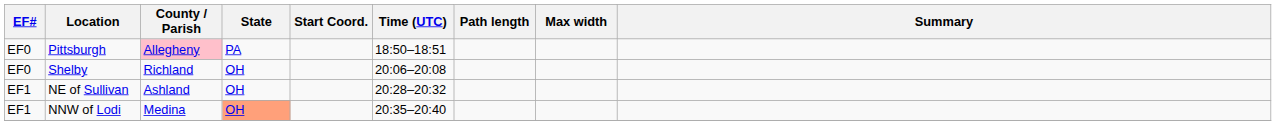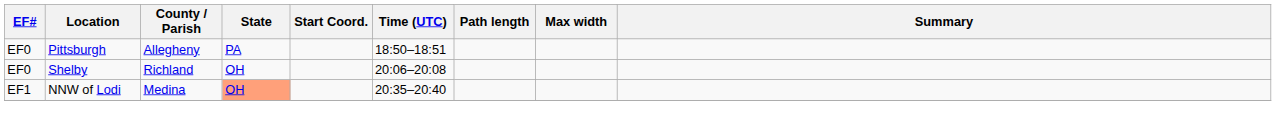 <table class="wikitable sortable" style="width:100%;">
 <tr>
 <th scope="col"  style="width:3%; text-align:center;"><a href='#'>EF#</a></th>
 <th scope="col"  style="width:7%; text-align:center;" class="unsortable">Location</th>
 <th scope="col"  style="width:6%; text-align:center;" class="unsortable">County / Parish</th>
 <th scope="col"  style="width:5%; text-align:center;">State</th>
 <th scope="col"  style="width:6%; text-align:center;">Start Coord.</th>
 <th scope="col"  style="width:6%; text-align:center;">Time (<a href='#'>UTC</a>)</th>
 <th scope="col"  style="width:6%; text-align:center;">Path length</th>
 <th scope="col"  style="width:6%; text-align:center;">Max width</th>
 <th scope="col" class="unsortable" style="width:48%; text-align:center;">Summary</th>
 </tr>
 <tr>
 <td>EF0</td>
 <td><a href='#'>Pittsburgh</a></td>
-<td style="background: pink;"><a href='#'>Allegheny</a></td>
+<td><a href='#'>Allegheny</a></td>
 <td><a href='#'>PA</a></td>
 <td></td>
 <td>18:50–18:51</td>
 <td></td>
 <td></td>
 <td></td>
 </tr>
 <tr>
 <td>EF0</td>
 <td><a href='#'>Shelby</a></td>
 <td><a href='#'>Richland</a></td>
 <td><a href='#'>OH</a></td>
 <td></td>
 <td>20:06–20:08</td>
 <td></td>
 <td></td>
 <td></td>
 </tr>
 <tr>
 <td>EF1</td>
-<td>NE of <a href='#'>Sullivan</a></td>
-<td><a href='#'>Ashland</a></td>
-<td><a href='#'>OH</a></td>
-<td></td>
-<td>20:28–20:32</td>
-<td></td>
-<td></td>
-<td></td>
-</tr>
-<tr>
-<td>EF1</td>
 <td>NNW of <a href='#'>Lodi</a></td>
 <td><a href='#'>Medina</a></td>
 <td style="background: lightsalmon;"><a href='#'>OH</a></td>
 <td></td>
 <td>20:35–20:40</td>
 <td></td>
 <td></td>
 <td></td>
 </tr>
 <tr>
 </tr>
 </table>
